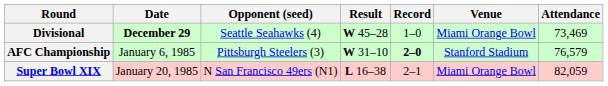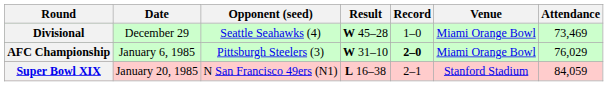 <table class="wikitable" style="text-align:center">
 <tr>
 <th>Round</th>
 <th>Date</th>
 <th>Opponent (seed)</th>
 <th>Result</th>
 <th>Record</th>
 <th>Venue</th>
 <th>Attendance</th>
 </tr>
 <tr style="background:#cfc">
 <th>Divisional</th>
-<td><strong>December 29</strong></td>
+<td>December 29</td>
 <td><a href='#'>Seattle Seahawks</a> (4)</td>
 <td><strong>W</strong> 45–28</td>
 <td>1–0</td>
 <td><a href='#'>Miami Orange Bowl</a></td>
 <td>73,469</td>
 </tr>
 <tr style="background:#cfc">
 <th>AFC Championship</th>
 <td>January 6, 1985</td>
 <td><a href='#'>Pittsburgh Steelers</a> (3)</td>
 <td><strong>W</strong> 31–10</td>
 <td><strong>2–0</strong></td>
-<td><a href='#'>Stanford Stadium</a></td>
-<td>76,579</td>
+<td><a href='#'>Miami Orange Bowl</a></td>
+<td>76,029</td>
 </tr>
 <tr style="background:#fcc">
 <th><a href='#'>Super Bowl XIX</a></th>
 <td>January 20, 1985</td>
 <td>N <a href='#'>San Francisco 49ers</a> (N1)</td>
 <td><strong>L</strong> 16–38</td>
 <td>2–1</td>
-<td><a href='#'>Miami Orange Bowl</a></td>
-<td>82,059</td>
+<td><a href='#'>Stanford Stadium</a></td>
+<td>84,059</td>
 </tr>
 </table>
